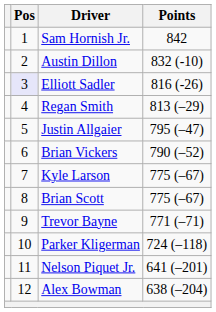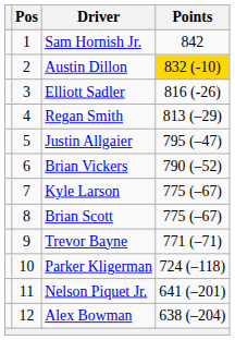 <table class="wikitable" style="font-size: 95%;">
 <tr>
 <th></th>
 <th>Pos</th>
 <th>Driver</th>
 <th>Points</th>
 </tr>
 <tr>
 <td align="left"></td>
 <td style="text-align:center;">1</td>
 <td><a href='#'>Sam Hornish Jr.</a></td>
 <td style="text-align:center;">842</td>
 </tr>
 <tr>
 <td align="left"></td>
 <td style="text-align:center;">2</td>
 <td><a href='#'>Austin Dillon</a></td>
-<td style="text-align:center;">832 (-10)</td>
+<td style="background: gold; text-align:center;">832 (-10)</td>
 </tr>
 <tr>
 <td align="left"></td>
-<td style="background: lavender; text-align:center;">3</td>
+<td style="text-align:center;">3</td>
 <td><a href='#'>Elliott Sadler</a></td>
 <td style="text-align:center;">816 (-26)</td>
 </tr>
 <tr>
 <td align="left"></td>
 <td style="text-align:center;">4</td>
 <td><a href='#'>Regan Smith</a></td>
 <td style="text-align:center;">813 (–29)</td>
 </tr>
 <tr>
 <td align="left"></td>
 <td style="text-align:center;">5</td>
 <td><a href='#'>Justin Allgaier</a></td>
 <td style="text-align:center;">795 (–47)</td>
 </tr>
 <tr>
 <td align="left"></td>
 <td style="text-align:center;">6</td>
 <td><a href='#'>Brian Vickers</a></td>
 <td style="text-align:center;">790 (–52)</td>
 </tr>
 <tr>
 <td align="left"></td>
 <td style="text-align:center;">7</td>
 <td><a href='#'>Kyle Larson</a></td>
 <td style="text-align:center;">775 (–67)</td>
 </tr>
 <tr>
 <td align="left"></td>
 <td style="text-align:center;">8</td>
 <td><a href='#'>Brian Scott</a></td>
 <td style="text-align:center;">775 (–67)</td>
 </tr>
 <tr>
 <td align="left"></td>
 <td style="text-align:center;">9</td>
 <td><a href='#'>Trevor Bayne</a></td>
 <td style="text-align:center;">771 (–71)</td>
 </tr>
 <tr>
 <td align="left"></td>
 <td style="text-align:center;">10</td>
 <td><a href='#'>Parker Kligerman</a></td>
 <td style="text-align:center;">724 (–118)</td>
 </tr>
 <tr>
 <td align="left"></td>
 <td style="text-align:center;">11</td>
 <td><a href='#'>Nelson Piquet Jr.</a></td>
 <td style="text-align:center;">641 (–201)</td>
 </tr>
 <tr>
 <td align="left"></td>
 <td style="text-align:center;">12</td>
 <td><a href='#'>Alex Bowman</a></td>
 <td style="text-align:center;">638 (–204)</td>
 </tr>
 <tr class="sortbottom">
 <th colspan="9"></th>
 </tr>
 </table>
